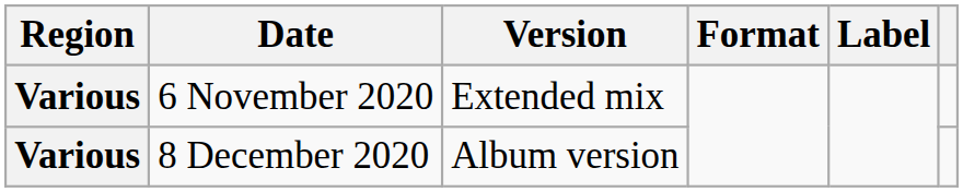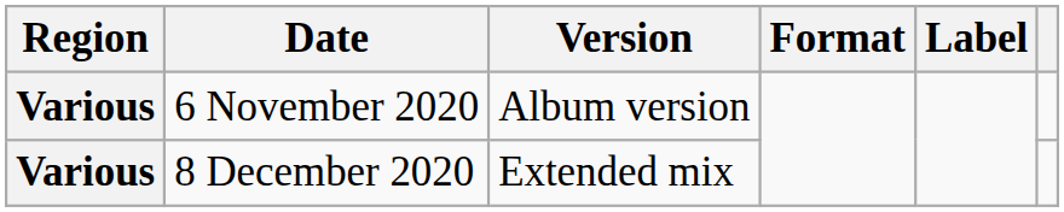 <table class="wikitable plainrowheaders">
 <tr>
 <th scope="col">Region</th>
 <th scope="col">Date</th>
 <th scope="col">Version</th>
 <th scope="col">Format</th>
 <th scope="col">Label</th>
 <th scope="col"></th>
 </tr>
 <tr>
 <th scope="row">Various</th>
 <td>6 November 2020</td>
-<td>Extended mix</td>
+<td>Album version</td>
 <td rowspan="2"></td>
 <td rowspan="2"></td>
 <td style="text-align:center;"></td>
 </tr>
 <tr>
 <th scope="row">Various</th>
 <td>8 December 2020</td>
-<td>Album version</td>
+<td>Extended mix</td>
 <td style="text-align:center;"></td>
 </tr>
 </table>
